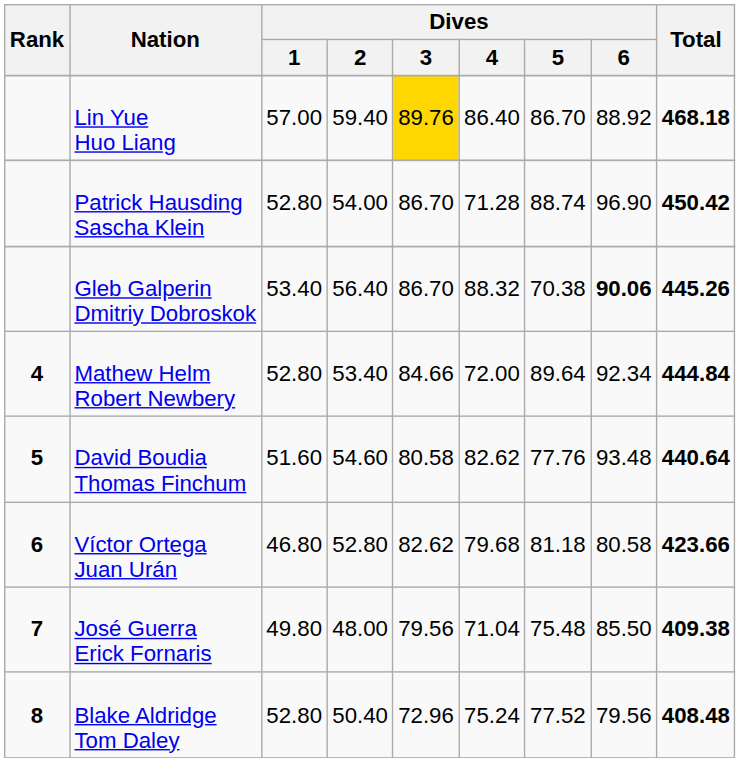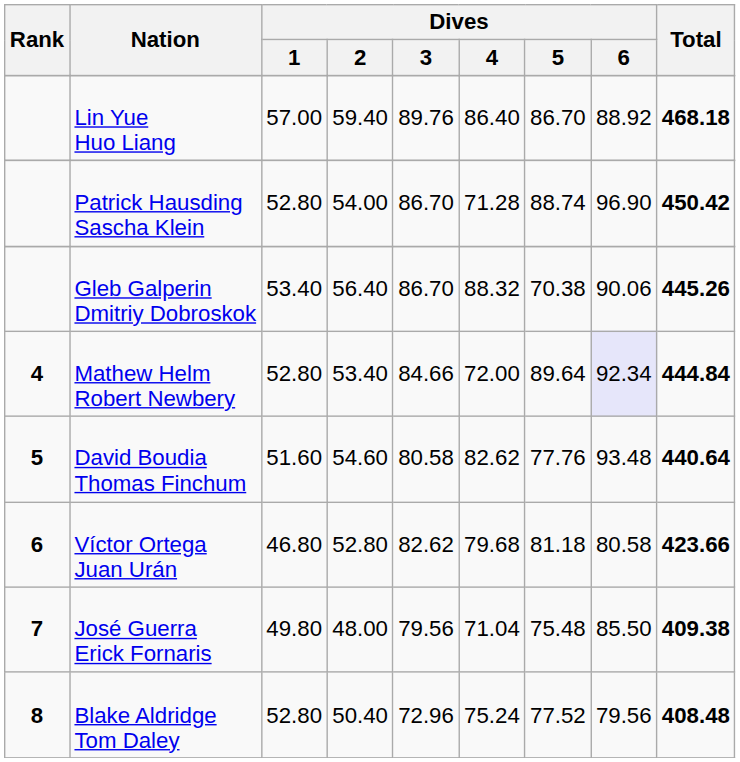 <table class="wikitable sortable">
 <tr>
 <th rowspan="2">Rank</th>
 <th rowspan="2">Nation</th>
 <th colspan="6">Dives</th>
 <th rowspan="2">Total</th>
 </tr>
 <tr>
 <th>1</th>
 <th>2</th>
 <th>3</th>
 <th>4</th>
 <th>5</th>
 <th>6</th>
 </tr>
 <tr>
 </tr>
 <tr>
 <td align="center"></td>
 <td><br><a href='#'>Lin Yue</a><br><a href='#'>Huo Liang</a></td>
 <td align="center">57.00</td>
 <td align="center">59.40</td>
-<td align="center" style="background: gold;">89.76</td>
+<td align="center">89.76</td>
 <td align="center">86.40</td>
 <td align="center">86.70</td>
 <td align="center">88.92</td>
 <td align="center"><strong>468.18</strong></td>
 </tr>
 <tr>
 </tr>
 <tr>
 <td align="center"></td>
 <td><br><a href='#'>Patrick Hausding</a><br><a href='#'>Sascha Klein</a></td>
 <td align="center">52.80</td>
 <td align="center">54.00</td>
 <td align="center">86.70</td>
 <td align="center">71.28</td>
 <td align="center">88.74</td>
 <td align="center">96.90</td>
 <td align="center"><strong>450.42</strong></td>
 </tr>
 <tr>
 </tr>
 <tr>
 <td align="center"></td>
 <td><br><a href='#'>Gleb Galperin</a><br><a href='#'>Dmitriy Dobroskok</a></td>
 <td align="center">53.40</td>
 <td align="center">56.40</td>
 <td align="center">86.70</td>
 <td align="center">88.32</td>
 <td align="center">70.38</td>
-<td align="center"><strong>90.06</strong></td>
+<td align="center">90.06</td>
 <td align="center"><strong>445.26</strong></td>
 </tr>
 <tr>
 <td align="center"><strong>4</strong></td>
 <td><br><a href='#'>Mathew Helm</a><br><a href='#'>Robert Newbery</a></td>
 <td align="center">52.80</td>
 <td align="center">53.40</td>
 <td align="center">84.66</td>
 <td align="center">72.00</td>
 <td align="center">89.64</td>
-<td align="center">92.34</td>
+<td align="center" style="background: lavender;">92.34</td>
 <td align="center"><strong>444.84 </strong></td>
 </tr>
 <tr>
 <td align="center"><strong>5</strong></td>
 <td><br><a href='#'>David Boudia</a><br><a href='#'>Thomas Finchum</a></td>
 <td align="center">51.60</td>
 <td align="center">54.60</td>
 <td align="center">80.58</td>
 <td align="center">82.62</td>
 <td align="center">77.76</td>
 <td align="center">93.48</td>
 <td align="center"><strong>440.64</strong></td>
 </tr>
 <tr>
 <td align="center"><strong>6</strong></td>
 <td><br><a href='#'>Víctor Ortega</a><br><a href='#'>Juan Urán</a></td>
 <td align="center">46.80</td>
 <td align="center">52.80</td>
 <td align="center">82.62</td>
 <td align="center">79.68</td>
 <td align="center">81.18</td>
 <td align="center">80.58</td>
 <td align="center"><strong>423.66</strong></td>
 </tr>
 <tr>
 <td align="center"><strong>7</strong></td>
 <td><br><a href='#'>José Guerra</a><br><a href='#'>Erick Fornaris</a></td>
 <td align="center">49.80</td>
 <td align="center">48.00</td>
 <td align="center">79.56</td>
 <td align="center">71.04</td>
 <td align="center">75.48</td>
 <td align="center">85.50</td>
 <td align="center"><strong>409.38</strong></td>
 </tr>
 <tr>
 <td align="center"><strong>8</strong></td>
 <td><br><a href='#'>Blake Aldridge</a><br><a href='#'>Tom Daley</a></td>
 <td align="center">52.80</td>
 <td align="center">50.40</td>
 <td align="center">72.96</td>
 <td align="center">75.24</td>
 <td align="center">77.52</td>
 <td align="center">79.56</td>
 <td align="center"><strong>408.48</strong></td>
 </tr>
 <tr>
 </tr>
 </table>
